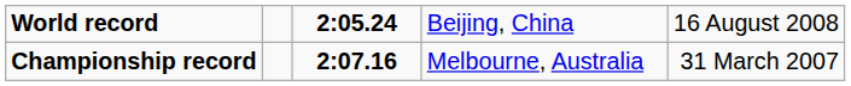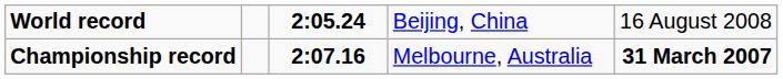 <table class="wikitable">
 <tr>
 <td><strong>World record</strong></td>
 <td style="padding-right:1em"></td>
 <td style="text-align:center;padding-left:1em; padding-right:1em;"><strong>2:05.24</strong></td>
 <td style="padding-right:1em"><a href='#'>Beijing</a>, <a href='#'>China</a></td>
 <td align=right>16 August 2008</td>
 </tr>
 <tr>
 <td><strong>Championship record</strong></td>
 <td style="padding-right:1em"></td>
 <td style="text-align:center;padding-left:1em; padding-right:1em;"><strong>2:07.16</strong></td>
 <td style="padding-right:1em"><a href='#'>Melbourne</a>, <a href='#'>Australia</a></td>
-<td align=right>31 March 2007</td>
+<td align=right><strong>31 March 2007</strong></td>
 </tr>
 </table>
